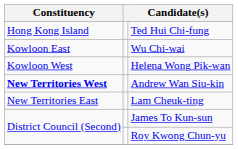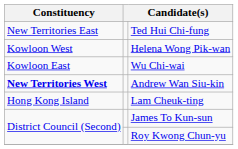 <table class="wikitable" style="float:right; text-align:left; font-size:100%;">
 <tr>
 <th>Constituency</th>
 <th colspan="2">Candidate(s)</th>
 </tr>
 <tr>
-<td><a href='#'>Hong Kong Island</a></td>
+<td><a href='#'>New Territories East</a></td>
 <td></td>
 <td><a href='#'>Ted Hui Chi-fung</a></td>
+</tr>
+<tr>
+<td><a href='#'>Kowloon West</a></td>
+<td></td>
+<td><a href='#'>Helena Wong Pik-wan</a></td>
 </tr>
 <tr>
 <td><a href='#'>Kowloon East</a></td>
 <td></td>
 <td><a href='#'>Wu Chi-wai</a></td>
 </tr>
 <tr>
-<td><a href='#'>Kowloon West</a></td>
-<td></td>
-<td><a href='#'>Helena Wong Pik-wan</a></td>
-</tr>
-<tr>
 <td><strong><a href='#'>New Territories West</a></strong></td>
 <td></td>
 <td><a href='#'>Andrew Wan Siu-kin</a></td>
 </tr>
 <tr>
-<td><a href='#'>New Territories East</a></td>
+<td><a href='#'>Hong Kong Island</a></td>
 <td></td>
 <td><a href='#'>Lam Cheuk-ting</a></td>
 </tr>
 <tr>
 <td rowspan="2"><a href='#'>District Council (Second)</a></td>
 <td></td>
 <td><a href='#'>James To Kun-sun</a></td>
 </tr>
 <tr>
 <td></td>
 <td><a href='#'>Roy Kwong Chun-yu</a></td>
 </tr>
 <tr>
 </tr>
 </table>
